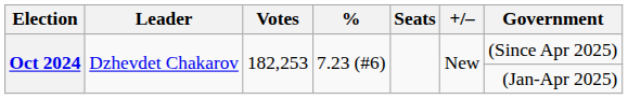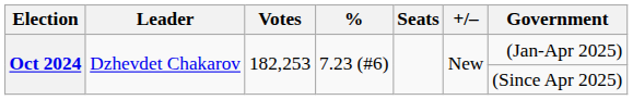 <table class="wikitable" style="text-align:right">
 <tr>
 <th>Election</th>
 <th>Leader</th>
 <th>Votes</th>
 <th>%</th>
 <th>Seats</th>
 <th>+/–</th>
 <th>Government</th>
 </tr>
 <tr>
 <th rowspan="2"><a href='#'>Oct 2024</a></th>
 <td align="left" rowspan="2"><a href='#'>Dzhevdet Chakarov</a></td>
 <td rowspan="2">182,253</td>
 <td rowspan="2">7.23 (#6)</td>
 <td rowspan="2"></td>
 <td rowspan="2">New</td>
+<td> (Jan-Apr 2025)</td>
+</tr>
+<tr>
 <td> (Since Apr 2025)</td>
 </tr>
-<tr>
-<td> (Jan-Apr 2025)</td>
-</tr>
 </table>
